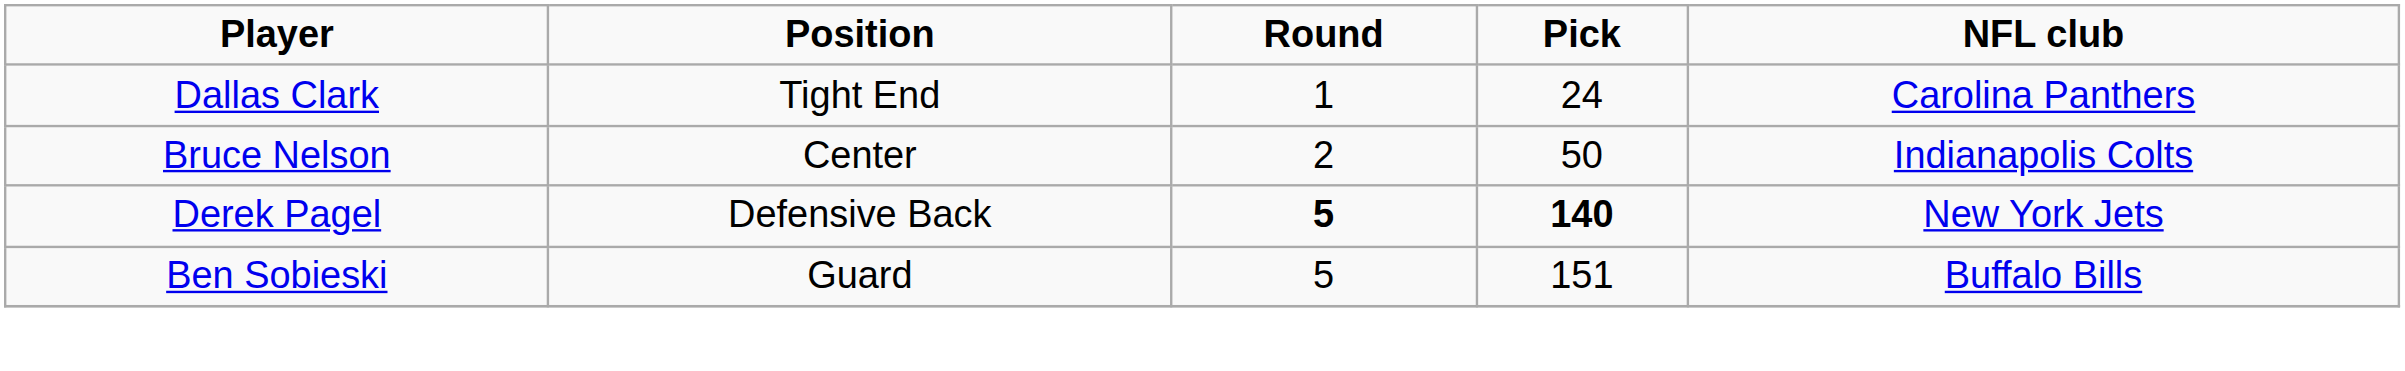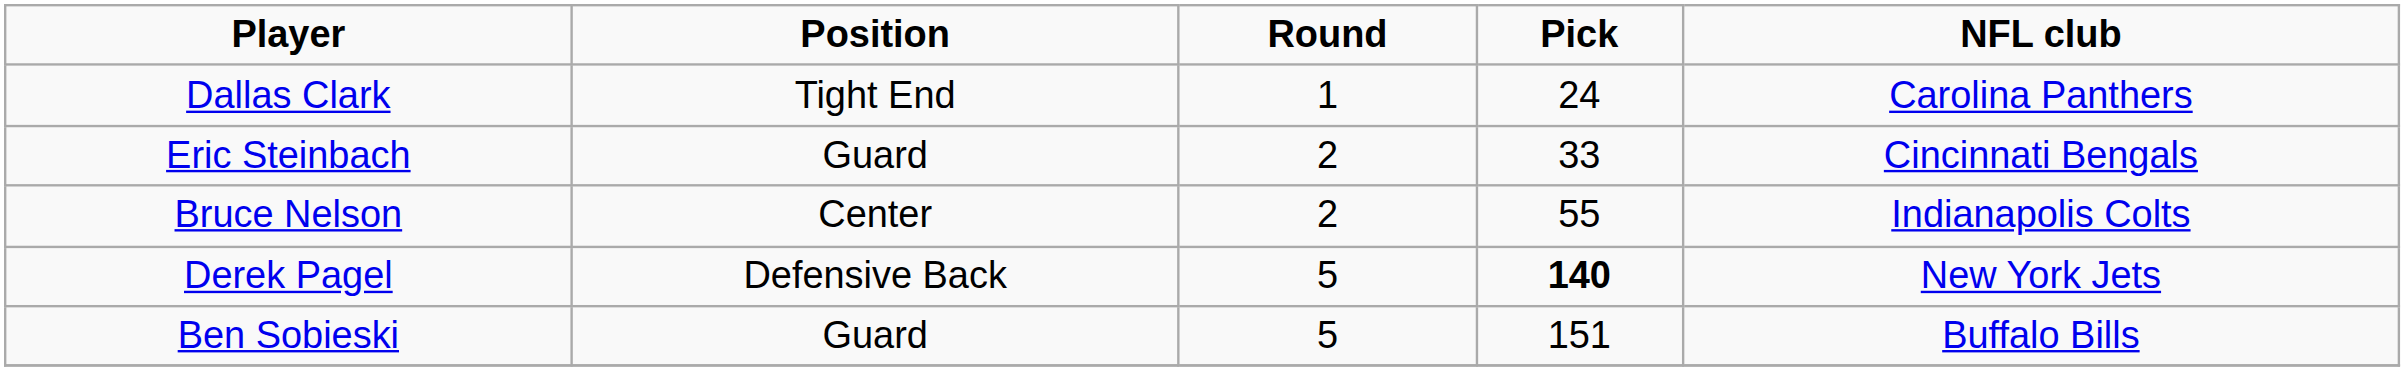 <table class="wikitable" width="80%">
 <tr align="center">
 <td><strong>Player</strong></td>
 <td><strong>Position</strong></td>
 <td><strong>Round</strong></td>
 <td><strong>Pick</strong></td>
 <td><strong>NFL club</strong></td>
 </tr>
 <tr align="center" bgcolor="">
 <td><a href='#'>Dallas Clark</a></td>
 <td>Tight End</td>
 <td>1</td>
 <td>24</td>
 <td><a href='#'>Carolina Panthers</a></td>
 </tr>
 <tr align="center" bgcolor="">
+<td><a href='#'>Eric Steinbach</a></td>
+<td>Guard</td>
+<td>2</td>
+<td>33</td>
+<td><a href='#'>Cincinnati Bengals</a></td>
+</tr>
+<tr align="center" bgcolor="">
 <td><a href='#'>Bruce Nelson</a></td>
 <td>Center</td>
 <td>2</td>
-<td>50</td>
+<td>55</td>
 <td><a href='#'>Indianapolis Colts</a></td>
 </tr>
 <tr align="center" bgcolor="">
 <td><a href='#'>Derek Pagel</a></td>
 <td>Defensive Back</td>
-<td><strong>5</strong></td>
+<td>5</td>
 <td><strong>140</strong></td>
 <td><a href='#'>New York Jets</a></td>
 </tr>
 <tr align="center" bgcolor="">
 <td><a href='#'>Ben Sobieski</a></td>
 <td>Guard</td>
 <td>5</td>
 <td>151</td>
 <td><a href='#'>Buffalo Bills</a></td>
 </tr>
 <tr align="center" bgcolor="">
 </tr>
 </table>
